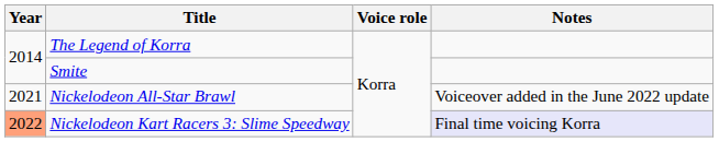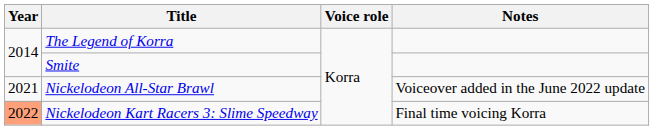 <table class="wikitable sortable">
 <tr>
 <th>Year</th>
 <th>Title</th>
 <th>Voice role</th>
 <th>Notes</th>
 </tr>
 <tr>
 <td rowspan="2">2014</td>
 <td><em><a href='#'>The Legend of Korra</a></em></td>
 <td rowspan="4">Korra</td>
 <td></td>
 </tr>
 <tr>
 <td><em><a href='#'>Smite</a></em></td>
 <td></td>
 </tr>
 <tr>
 <td>2021</td>
 <td><em><a href='#'>Nickelodeon All-Star Brawl</a></em></td>
 <td>Voiceover added in the June 2022 update</td>
 </tr>
 <tr>
 <td style="background: lightsalmon;">2022</td>
 <td><em><a href='#'>Nickelodeon Kart Racers 3: Slime Speedway</a></em></td>
-<td style="background: lavender;">Final time voicing Korra</td>
+<td>Final time voicing Korra</td>
 </tr>
 </table>
